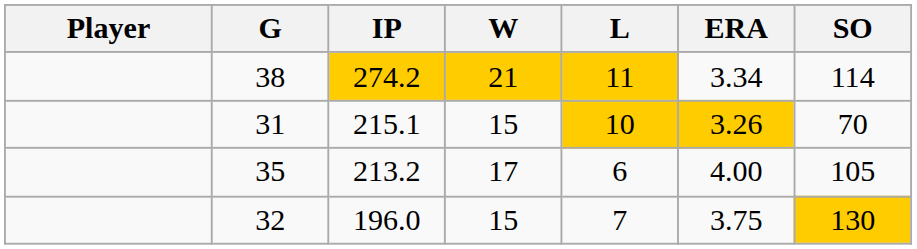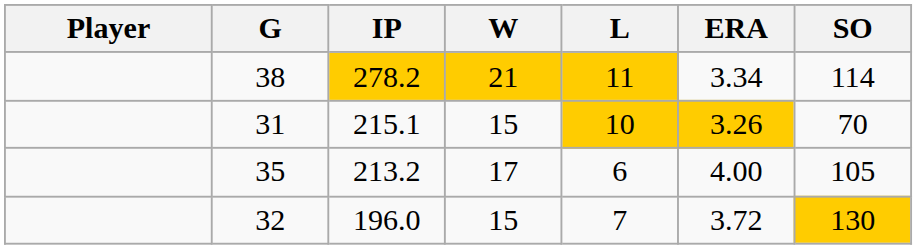 <table class="wikitable sortable">
 <tr>
 <th bgcolor="#DDDDFF" width="16%">Player</th>
 <th bgcolor="#DDDDFF" width="9%">G</th>
 <th bgcolor="#DDDDFF" width="9%">IP</th>
 <th bgcolor="#DDDDFF" width="9%">W</th>
 <th bgcolor="#DDDDFF" width="9%">L</th>
 <th bgcolor="#DDDDFF" width="9%">ERA</th>
 <th bgcolor="#DDDDFF" width="9%">SO</th>
 </tr>
 <tr align="center">
 <td></td>
 <td>38</td>
-<td style="background:#fc0;">274.2</td>
+<td style="background:#fc0;">278.2</td>
 <td style="background:#fc0;">21</td>
 <td style="background:#fc0;">11</td>
 <td>3.34</td>
 <td>114</td>
 </tr>
 <tr align="center">
 <td></td>
 <td>31</td>
 <td>215.1</td>
 <td>15</td>
 <td style="background:#fc0;">10</td>
 <td style="background:#fc0;">3.26</td>
 <td>70</td>
 </tr>
 <tr align="center">
 <td></td>
 <td>35</td>
 <td>213.2</td>
 <td>17</td>
 <td>6</td>
 <td>4.00</td>
 <td>105</td>
 </tr>
 <tr align="center">
 <td></td>
 <td>32</td>
 <td>196.0</td>
 <td>15</td>
 <td>7</td>
-<td>3.75</td>
+<td>3.72</td>
 <td style="background:#fc0;">130</td>
 </tr>
 </table>
